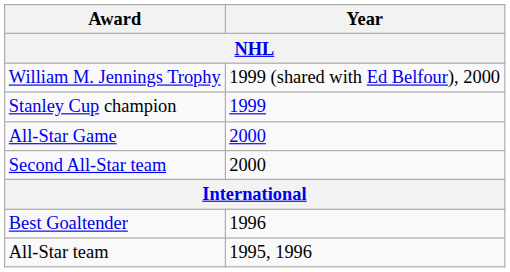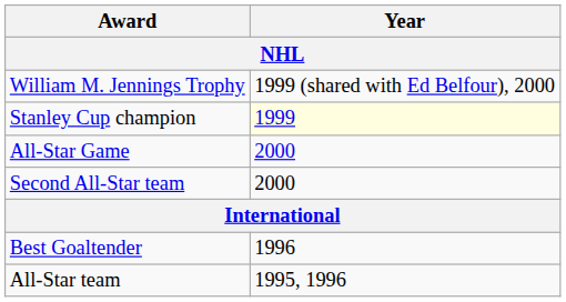 <table class="wikitable">
 <tr>
 <th>Award</th>
 <th>Year</th>
 </tr>
 <tr ALIGN="center" bgcolor="#e0e0e0">
 <th colspan="3"><a href='#'>NHL</a></th>
 </tr>
 <tr>
 <td><a href='#'>William M. Jennings Trophy</a></td>
 <td>1999 (shared with <a href='#'>Ed Belfour</a>), 2000</td>
 </tr>
 <tr>
 <td><a href='#'>Stanley Cup</a> champion</td>
-<td><a href='#'>1999</a></td>
+<td style="background: lightyellow;"><a href='#'>1999</a></td>
 </tr>
 <tr>
 <td><a href='#'>All-Star Game</a></td>
 <td><a href='#'>2000</a></td>
 </tr>
 <tr>
 <td><a href='#'>Second All-Star team</a></td>
 <td>2000</td>
 </tr>
 <tr ALIGN="center" bgcolor="#e0e0e0">
 <th colspan="3"><a href='#'>International</a></th>
 </tr>
 <tr>
 <td><a href='#'>Best Goaltender</a></td>
 <td>1996</td>
 </tr>
 <tr>
 <td>All-Star team</td>
 <td>1995, 1996</td>
 </tr>
 </table>
